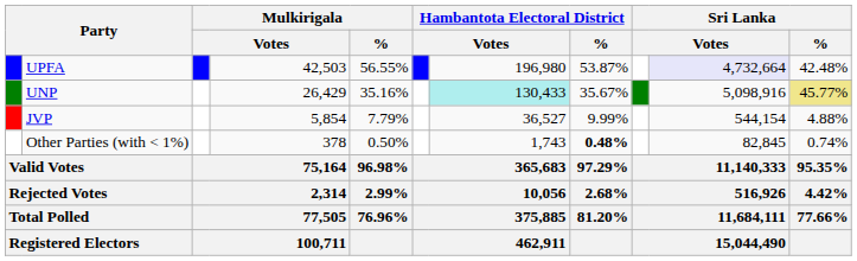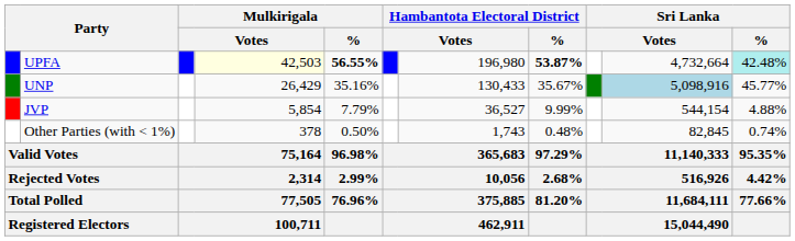 <table class="wikitable">
 <tr>
 <th colspan="2" width="144px"rowspan="2">Party</th>
 <th colspan="3" width="216px">Mulkirigala</th>
 <th colspan="3" width="216px"><a href='#'>Hambantota Electoral District</a></th>
 <th colspan="3" width="216px">Sri Lanka</th>
 </tr>
 <tr>
 <th colspan="2" width="144px">Votes</th>
 <th>%</th>
 <th colspan="2" width="144px">Votes</th>
 <th>%</th>
 <th colspan="2" width="144px">Votes</th>
 <th>%</th>
 </tr>
 <tr>
 <td style="background-color:blue;" width="10px"></td>
 <td style="text-align:left;"><a href='#'>UPFA</a></td>
 <td style="background-color:blue;" width="10px"></td>
-<td style="text-align:right;">42,503</td>
-<td style="text-align:right;">56.55%</td>
+<td style="background: lightyellow; text-align:right;">42,503</td>
+<td style="text-align:right;"><strong>56.55%</strong></td>
 <td style="background-color:blue;" width="10px"></td>
 <td style="text-align:right;">196,980</td>
-<td style="text-align:right;">53.87%</td>
+<td style="text-align:right;"><strong>53.87%</strong></td>
 <td style="background-color:white;" width="10px"></td>
-<td style="background: lavender; text-align:right;">4,732,664</td>
-<td style="text-align:right;">42.48%</td>
+<td style="text-align:right;">4,732,664</td>
+<td style="background: paleturquoise; text-align:right;">42.48%</td>
 </tr>
 <tr>
 <td style="background-color:green;" width="10px"></td>
 <td style="text-align:left;"><a href='#'>UNP</a></td>
 <td style="background-color:white;" width="10px"></td>
 <td style="text-align:right;">26,429</td>
 <td style="text-align:right;">35.16%</td>
 <td style="background-color:white;" width="10px"></td>
-<td style="background: paleturquoise; text-align:right;">130,433</td>
+<td style="text-align:right;">130,433</td>
 <td style="text-align:right;">35.67%</td>
 <td style="background-color:green;" width="10px"></td>
-<td style="text-align:right;">5,098,916</td>
-<td style="background: khaki; text-align:right;">45.77%</td>
+<td style="background: lightblue; text-align:right;">5,098,916</td>
+<td style="text-align:right;">45.77%</td>
 </tr>
 <tr>
 <td style="background-color:red;" width="10px"></td>
 <td style="text-align:left;"><a href='#'>JVP</a></td>
 <td style="background-color:white;" width="10px"></td>
 <td style="text-align:right;">5,854</td>
 <td style="text-align:right;">7.79%</td>
 <td style="background-color:white;" width="10px"></td>
 <td style="text-align:right;">36,527</td>
 <td style="text-align:right;">9.99%</td>
 <td style="background-color:white;" width="10px"></td>
 <td style="text-align:right;">544,154</td>
 <td style="text-align:right;">4.88%</td>
 </tr>
 <tr>
 <td style="background-color:white;" width="10px"></td>
 <td style="text-align:left;">Other Parties (with < 1%)</td>
 <td style="background-color:white;" width="10px"></td>
 <td style="text-align:right;">378</td>
 <td style="text-align:right;">0.50%</td>
 <td style="background-color:white;" width="10px"></td>
 <td style="text-align:right;">1,743</td>
-<td style="text-align:right;"><strong>0.48%</strong></td>
+<td style="text-align:right;">0.48%</td>
 <td style="background-color:white;" width="10px"></td>
 <td style="text-align:right;">82,845</td>
 <td style="text-align:right;">0.74%</td>
 </tr>
 <tr>
 <th colspan="2" width="144px"style="text-align:left;">Valid Votes</th>
 <th style="text-align:right;"colspan="2" width="144px">75,164</th>
 <th style="text-align:right;">96.98%</th>
 <th style="text-align:right;"colspan="2" width="144px">365,683</th>
 <th style="text-align:right;">97.29%</th>
 <th style="text-align:right;"colspan="2" width="144px">11,140,333</th>
 <th style="text-align:right;">95.35%</th>
 </tr>
 <tr>
 <th colspan="2" width="144px"style="text-align:left;">Rejected Votes</th>
 <th style="text-align:right;"colspan="2" width="144px">2,314</th>
 <th style="text-align:right;">2.99%</th>
 <th style="text-align:right;"colspan="2" width="144px">10,056</th>
 <th style="text-align:right;">2.68%</th>
 <th style="text-align:right;"colspan="2" width="144px">516,926</th>
 <th style="text-align:right;">4.42%</th>
 </tr>
 <tr>
 <th colspan="2" width="144px"style="text-align:left;">Total Polled</th>
 <th style="text-align:right;"colspan="2" width="144px">77,505</th>
 <th style="text-align:right;">76.96%</th>
 <th style="text-align:right;"colspan="2" width="144px">375,885</th>
 <th style="text-align:right;">81.20%</th>
 <th style="text-align:right;"colspan="2" width="144px">11,684,111</th>
 <th style="text-align:right;">77.66%</th>
 </tr>
 <tr>
 <th colspan="2" width="144px"style="text-align:left;">Registered Electors</th>
 <th style="text-align:right;"colspan="2" width="144px">100,711</th>
 <th></th>
 <th style="text-align:right;"colspan="2" width="144px">462,911</th>
 <th></th>
 <th style="text-align:right;"colspan="2" width="144px">15,044,490</th>
 <th></th>
 </tr>
 </table>
